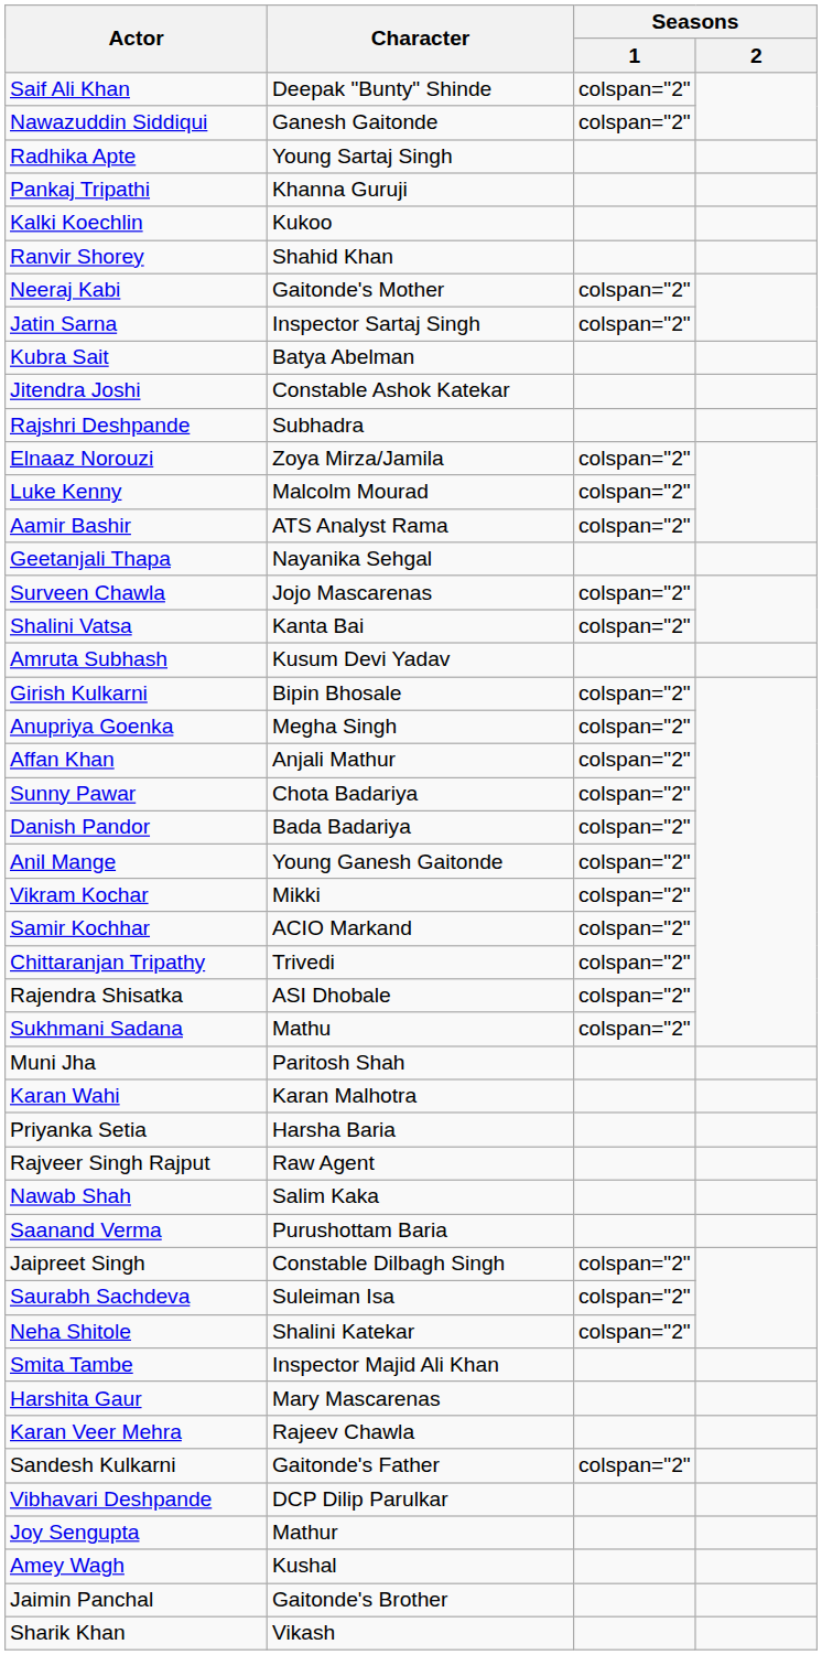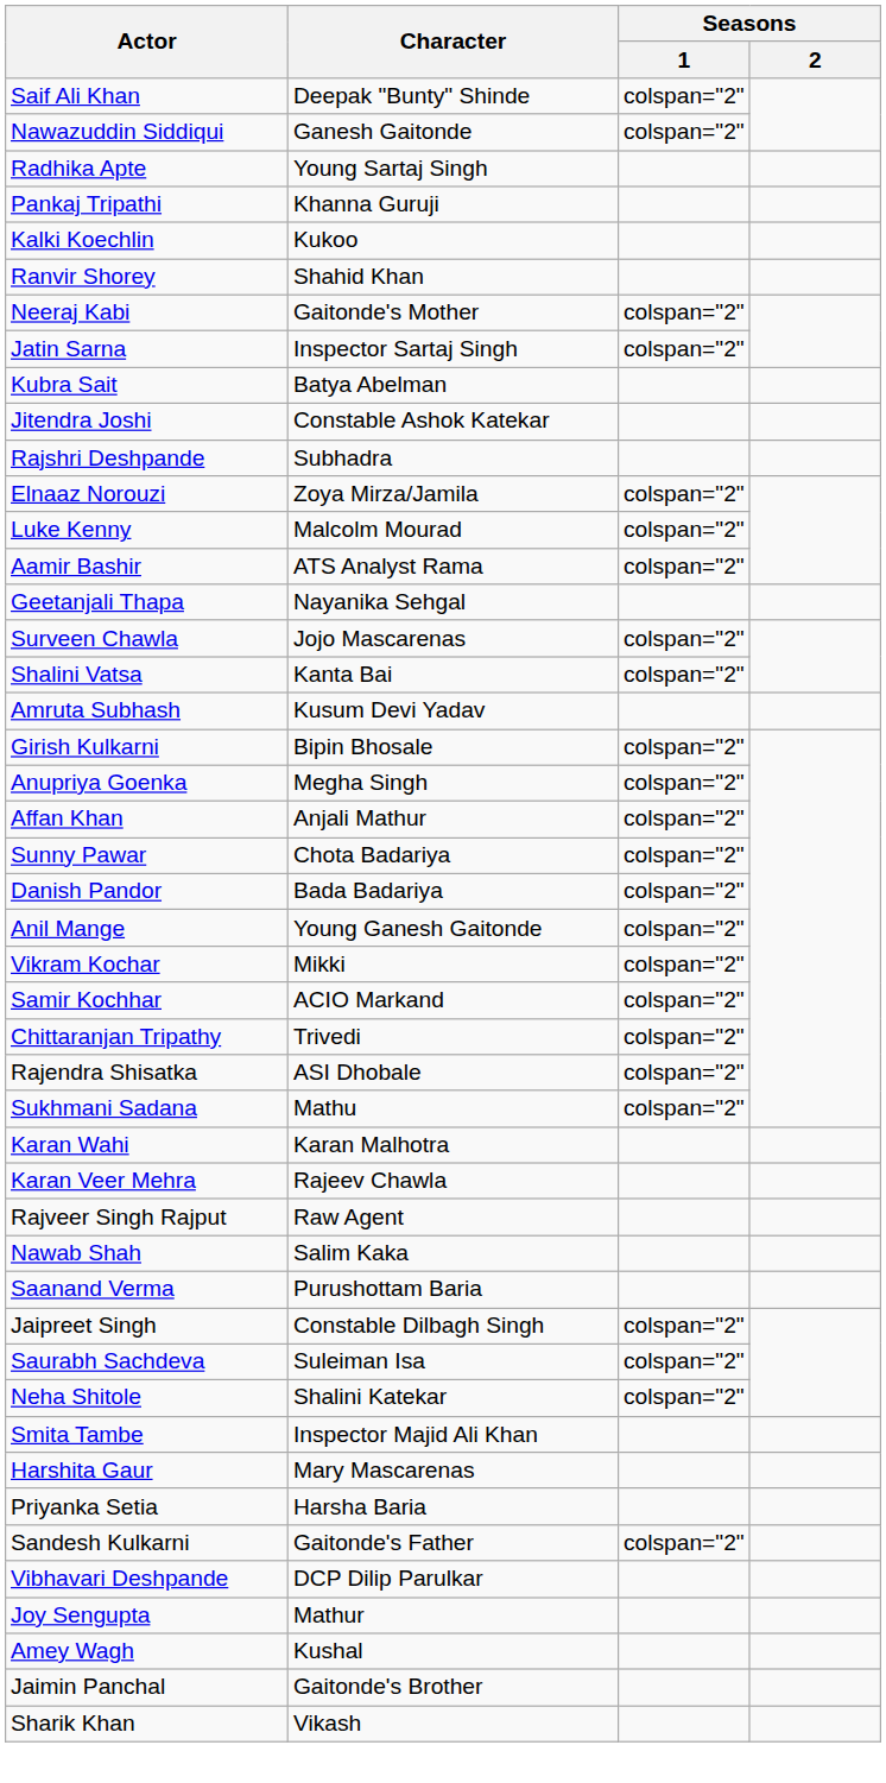 <table class="wikitable">
 <tr>
 <th rowspan="2">Actor</th>
 <th rowspan="2">Character</th>
 <th colspan="2">Seasons</th>
 </tr>
 <tr>
 <th style="width:15%;">1</th>
 <th style="width:15%;">2</th>
 </tr>
 <tr>
 <td><a href='#'>Saif Ali Khan</a></td>
 <td>Deepak "Bunty" Shinde</td>
 <td>colspan="2" </td>
 </tr>
 <tr>
 <td><a href='#'>Nawazuddin Siddiqui</a></td>
 <td>Ganesh Gaitonde</td>
 <td>colspan="2" </td>
 </tr>
 <tr>
 <td><a href='#'>Radhika Apte</a></td>
 <td>Young Sartaj Singh</td>
 <td></td>
 <td></td>
 </tr>
 <tr>
 <td><a href='#'>Pankaj Tripathi</a></td>
 <td>Khanna Guruji</td>
 <td></td>
 <td></td>
 </tr>
 <tr>
 <td><a href='#'>Kalki Koechlin</a></td>
 <td>Kukoo</td>
 <td></td>
 <td></td>
 </tr>
 <tr>
 <td><a href='#'>Ranvir Shorey</a></td>
 <td>Shahid Khan</td>
 <td></td>
 <td></td>
 </tr>
 <tr>
 <td><a href='#'>Neeraj Kabi</a></td>
 <td>Gaitonde's Mother</td>
 <td>colspan="2" </td>
 </tr>
 <tr>
 <td><a href='#'>Jatin Sarna</a></td>
 <td>Inspector Sartaj Singh</td>
 <td>colspan="2" </td>
 </tr>
 <tr>
 <td><a href='#'>Kubra Sait</a></td>
 <td>Batya Abelman</td>
 <td></td>
 <td></td>
 </tr>
 <tr>
 <td><a href='#'>Jitendra Joshi</a></td>
 <td>Constable Ashok Katekar</td>
 <td></td>
 <td></td>
 </tr>
 <tr>
 <td><a href='#'>Rajshri Deshpande</a></td>
 <td>Subhadra</td>
 <td></td>
 <td></td>
 </tr>
 <tr>
 <td><a href='#'>Elnaaz Norouzi</a></td>
 <td>Zoya Mirza/Jamila</td>
 <td>colspan="2" </td>
 </tr>
 <tr>
 <td><a href='#'>Luke Kenny</a></td>
 <td>Malcolm Mourad</td>
 <td>colspan="2" </td>
 </tr>
 <tr>
 <td><a href='#'>Aamir Bashir</a></td>
 <td>ATS Analyst Rama</td>
 <td>colspan="2" </td>
 </tr>
 <tr>
 <td><a href='#'>Geetanjali Thapa</a></td>
 <td>Nayanika Sehgal</td>
 <td></td>
 <td></td>
 </tr>
 <tr>
 <td><a href='#'>Surveen Chawla</a></td>
 <td>Jojo Mascarenas</td>
 <td>colspan="2" </td>
 </tr>
 <tr>
 <td><a href='#'>Shalini Vatsa</a></td>
 <td>Kanta Bai</td>
 <td>colspan="2" </td>
 </tr>
 <tr>
 <td><a href='#'>Amruta Subhash</a></td>
 <td>Kusum Devi Yadav</td>
 <td></td>
 <td></td>
 </tr>
 <tr>
 <td><a href='#'>Girish Kulkarni</a></td>
 <td>Bipin Bhosale</td>
 <td>colspan="2" </td>
 </tr>
 <tr>
 <td><a href='#'>Anupriya Goenka</a></td>
 <td>Megha Singh</td>
 <td>colspan="2" </td>
 </tr>
 <tr>
 <td><a href='#'>Affan Khan</a></td>
 <td>Anjali Mathur</td>
 <td>colspan="2" </td>
 </tr>
 <tr>
 <td><a href='#'>Sunny Pawar</a></td>
 <td>Chota Badariya</td>
 <td>colspan="2" </td>
 </tr>
 <tr>
 <td><a href='#'>Danish Pandor</a></td>
 <td>Bada Badariya</td>
 <td>colspan="2" </td>
 </tr>
 <tr>
 <td><a href='#'>Anil Mange</a></td>
 <td>Young Ganesh Gaitonde</td>
 <td>colspan="2" </td>
 </tr>
 <tr>
 <td><a href='#'>Vikram Kochar</a></td>
 <td>Mikki</td>
 <td>colspan="2" </td>
 </tr>
 <tr>
 <td><a href='#'>Samir Kochhar</a></td>
 <td>ACIO Markand</td>
 <td>colspan="2" </td>
 </tr>
 <tr>
 <td><a href='#'>Chittaranjan Tripathy</a></td>
 <td>Trivedi</td>
 <td>colspan="2" </td>
 </tr>
 <tr>
 <td>Rajendra Shisatka</td>
 <td>ASI Dhobale</td>
 <td>colspan="2" </td>
 </tr>
 <tr>
 <td><a href='#'>Sukhmani Sadana</a></td>
 <td>Mathu</td>
 <td>colspan="2" </td>
 </tr>
 <tr>
-<td>Muni Jha</td>
-<td>Paritosh Shah</td>
-<td></td>
-<td></td>
-</tr>
-<tr>
 <td><a href='#'>Karan Wahi</a></td>
 <td>Karan Malhotra</td>
 <td></td>
 <td></td>
 </tr>
 <tr>
-<td>Priyanka Setia</td>
-<td>Harsha Baria</td>
+<td><a href='#'>Karan Veer Mehra</a></td>
+<td>Rajeev Chawla</td>
 <td></td>
 <td></td>
 </tr>
 <tr>
 <td>Rajveer Singh Rajput</td>
 <td>Raw Agent</td>
 <td></td>
 <td></td>
 </tr>
 <tr>
 <td><a href='#'>Nawab Shah</a></td>
 <td>Salim Kaka</td>
 <td></td>
 <td></td>
 </tr>
 <tr>
 <td><a href='#'>Saanand Verma</a></td>
 <td>Purushottam Baria</td>
 <td></td>
 <td></td>
 </tr>
 <tr>
 <td>Jaipreet Singh</td>
 <td>Constable Dilbagh Singh</td>
 <td>colspan="2" </td>
 </tr>
 <tr>
 <td><a href='#'>Saurabh Sachdeva</a></td>
 <td>Suleiman Isa</td>
 <td>colspan="2" </td>
 </tr>
 <tr>
 <td><a href='#'>Neha Shitole</a></td>
 <td>Shalini Katekar</td>
 <td>colspan="2" </td>
 </tr>
 <tr>
 <td><a href='#'>Smita Tambe</a></td>
 <td>Inspector Majid Ali Khan</td>
 <td></td>
 <td></td>
 </tr>
 <tr>
 <td><a href='#'>Harshita Gaur</a></td>
 <td>Mary Mascarenas</td>
 <td></td>
 <td></td>
 </tr>
 <tr>
-<td><a href='#'>Karan Veer Mehra</a></td>
-<td>Rajeev Chawla</td>
+<td>Priyanka Setia</td>
+<td>Harsha Baria</td>
 <td></td>
 <td></td>
 </tr>
 <tr>
 <td>Sandesh Kulkarni</td>
 <td>Gaitonde's Father</td>
 <td>colspan="2" </td>
 </tr>
 <tr>
 <td><a href='#'>Vibhavari Deshpande</a></td>
 <td>DCP Dilip Parulkar</td>
 <td></td>
 <td></td>
 </tr>
 <tr>
 <td><a href='#'>Joy Sengupta</a></td>
 <td>Mathur</td>
 <td></td>
 <td></td>
 </tr>
 <tr>
 <td><a href='#'>Amey Wagh</a></td>
 <td>Kushal</td>
 <td></td>
 <td></td>
 </tr>
 <tr>
 <td>Jaimin Panchal</td>
 <td>Gaitonde's Brother</td>
 <td></td>
 <td></td>
 </tr>
 <tr>
 <td>Sharik Khan</td>
 <td>Vikash</td>
 <td></td>
 <td></td>
 </tr>
 </table>
